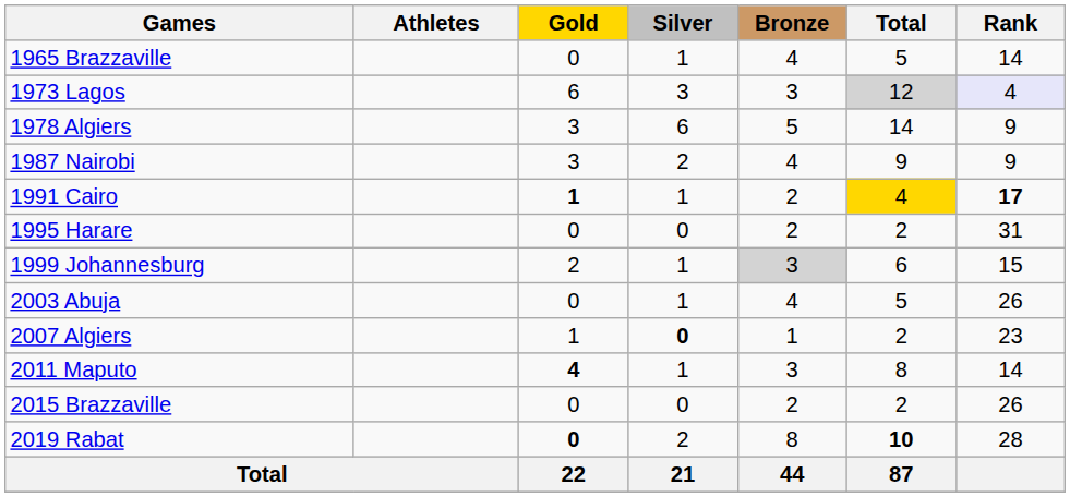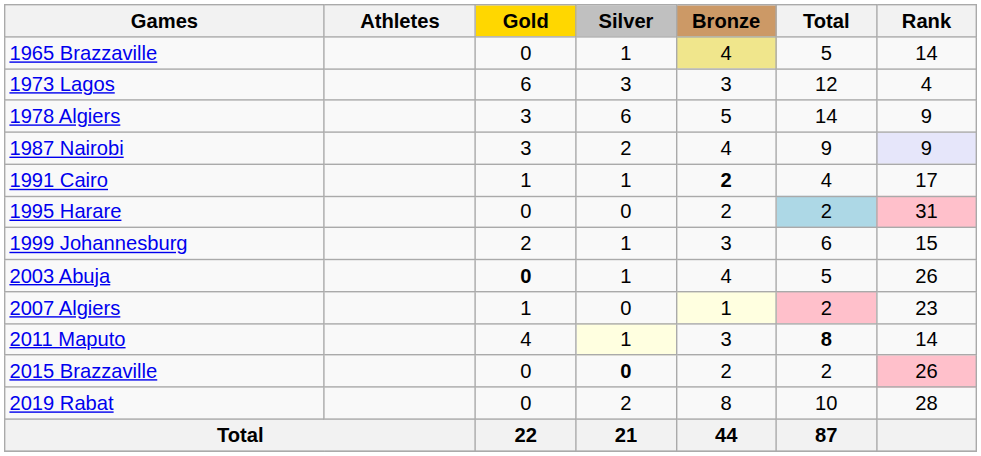 <table class="wikitable" width=55% style="font-size:90%; text-align:center;">
 <tr>
 <th>Games</th>
 <th>Athletes</th>
 <td style="background:gold; width:4.5em; font-weight:bold;">Gold</td>
 <td style="background:silver; width:4.5em; font-weight:bold;">Silver</td>
 <td style="background:#cc9966; width:4.5em; font-weight:bold;">Bronze</td>
 <th style="width:4.5em; font-weight:bold;">Total</th>
 <th style="width:4.5em; font-weight:bold;">Rank</th>
 </tr>
 <tr>
 <td align=left><a href='#'>1965 Brazzaville</a></td>
 <td></td>
 <td>0</td>
 <td>1</td>
-<td>4</td>
+<td style="background: khaki;">4</td>
 <td>5</td>
 <td>14</td>
 </tr>
 <tr>
 <td align=left><a href='#'>1973 Lagos</a></td>
 <td></td>
 <td>6</td>
 <td>3</td>
 <td>3</td>
-<td style="background: lightgrey;">12</td>
-<td style="background: lavender;">4</td>
+<td>12</td>
+<td>4</td>
 </tr>
 <tr>
 <td align=left><a href='#'>1978 Algiers</a></td>
 <td></td>
 <td>3</td>
 <td>6</td>
 <td>5</td>
 <td>14</td>
 <td>9</td>
 </tr>
 <tr>
 <td align=left><a href='#'>1987 Nairobi</a></td>
 <td></td>
 <td>3</td>
 <td>2</td>
 <td>4</td>
 <td>9</td>
-<td>9</td>
+<td style="background: lavender;">9</td>
 </tr>
 <tr>
 <td align=left><a href='#'>1991 Cairo</a></td>
 <td></td>
-<td><strong>1</strong></td>
 <td>1</td>
-<td>2</td>
-<td style="background: gold;">4</td>
-<td><strong>17</strong></td>
+<td>1</td>
+<td><strong>2</strong></td>
+<td>4</td>
+<td>17</td>
 </tr>
 <tr>
 <td align=left><a href='#'>1995 Harare</a></td>
 <td></td>
 <td>0</td>
 <td>0</td>
 <td>2</td>
-<td>2</td>
-<td>31</td>
+<td style="background: lightblue;">2</td>
+<td style="background: pink;">31</td>
 </tr>
 <tr>
 <td align=left><a href='#'>1999 Johannesburg</a></td>
 <td></td>
 <td>2</td>
 <td>1</td>
-<td style="background: lightgrey;">3</td>
+<td>3</td>
 <td>6</td>
 <td>15</td>
 </tr>
 <tr>
 <td align=left><a href='#'>2003 Abuja</a></td>
 <td></td>
-<td>0</td>
+<td><strong>0</strong></td>
 <td>1</td>
 <td>4</td>
 <td>5</td>
 <td>26</td>
 </tr>
 <tr>
 <td align=left><a href='#'>2007 Algiers</a></td>
 <td></td>
 <td>1</td>
-<td><strong>0</strong></td>
-<td>1</td>
-<td>2</td>
+<td>0</td>
+<td style="background: lightyellow;">1</td>
+<td style="background: pink;">2</td>
 <td>23</td>
 </tr>
 <tr>
 <td align=left><a href='#'>2011 Maputo</a></td>
 <td></td>
-<td><strong>4</strong></td>
-<td>1</td>
+<td>4</td>
+<td style="background: lightyellow;">1</td>
 <td>3</td>
-<td>8</td>
+<td><strong>8</strong></td>
 <td>14</td>
 </tr>
 <tr>
 <td align=left><a href='#'>2015 Brazzaville</a></td>
 <td></td>
 <td>0</td>
-<td>0</td>
+<td><strong>0</strong></td>
 <td>2</td>
 <td>2</td>
-<td>26</td>
+<td style="background: pink;">26</td>
 </tr>
 <tr>
 <td align=left><a href='#'>2019 Rabat</a></td>
 <td></td>
-<td><strong>0</strong></td>
+<td>0</td>
 <td>2</td>
 <td>8</td>
-<td><strong>10</strong></td>
+<td>10</td>
 <td>28</td>
 </tr>
 <tr style="width:4em;">
 <th colspan=2>Total</th>
 <th>22</th>
 <th>21</th>
 <th>44</th>
 <th>87</th>
 <th></th>
 </tr>
 <tr class="sortbottom">
 </tr>
 </table>
